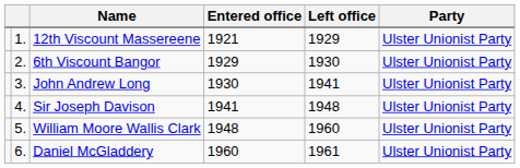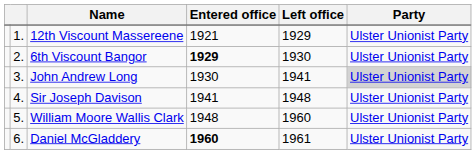 <table class="wikitable">
 <tr style="border-bottom: 2px solid gray;">
 <th colspan="2"></th>
 <th>Name</th>
 <th>Entered office</th>
 <th>Left office</th>
 <th>Party</th>
 </tr>
 <tr>
 <td style="background:"></td>
 <td>1.</td>
 <td><a href='#'>12th Viscount Massereene</a></td>
 <td>1921</td>
 <td>1929</td>
 <td><a href='#'>Ulster Unionist Party</a></td>
 </tr>
 <tr>
 <td style="background:"></td>
 <td>2.</td>
 <td><a href='#'>6th Viscount Bangor</a></td>
-<td>1929</td>
+<td><strong>1929</strong></td>
 <td>1930</td>
 <td><a href='#'>Ulster Unionist Party</a></td>
 </tr>
 <tr>
 <td style="background:"></td>
 <td>3.</td>
 <td><a href='#'>John Andrew Long</a></td>
 <td>1930</td>
 <td>1941</td>
-<td><a href='#'>Ulster Unionist Party</a></td>
+<td style="background: lightgrey;"><a href='#'>Ulster Unionist Party</a></td>
 </tr>
 <tr>
 <td style="background:"></td>
 <td>4.</td>
 <td><a href='#'>Sir Joseph Davison</a></td>
 <td>1941</td>
 <td>1948</td>
 <td><a href='#'>Ulster Unionist Party</a></td>
 </tr>
 <tr>
 <td style="background:"></td>
 <td>5.</td>
 <td><a href='#'>William Moore Wallis Clark</a></td>
 <td>1948</td>
 <td>1960</td>
 <td><a href='#'>Ulster Unionist Party</a></td>
 </tr>
 <tr>
 <td style="background:"></td>
 <td>6.</td>
 <td><a href='#'>Daniel McGladdery</a></td>
-<td>1960</td>
+<td><strong>1960</strong></td>
 <td>1961</td>
 <td><a href='#'>Ulster Unionist Party</a></td>
 </tr>
 </table>
